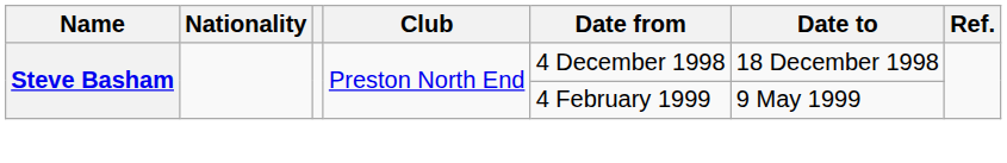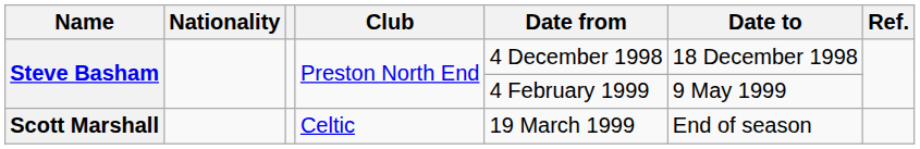 <table class="wikitable plainrowheaders">
 <tr>
 <th scope="col">Name</th>
 <th scope="col">Nationality</th>
 <th scope="col"></th>
 <th scope="col">Club</th>
 <th scope="col">Date from</th>
 <th scope="col">Date to</th>
 <th scope="col">Ref.</th>
 </tr>
 <tr>
 <th scope="row" rowspan="2"><a href='#'>Steve Basham</a></th>
 <td rowspan="2"></td>
 <td align="center" rowspan="2"></td>
 <td rowspan="2"> <a href='#'>Preston North End</a></td>
 <td>4 December 1998</td>
 <td>18 December 1998</td>
 <td align="center" rowspan="2"></td>
 </tr>
 <tr>
 <td>4 February 1999</td>
 <td>9 May 1999</td>
 </tr>
+<tr>
+<th scope="row">Scott Marshall</th>
+<td></td>
+<td align="center"></td>
+<td> <a href='#'>Celtic</a></td>
+<td>19 March 1999</td>
+<td>End of season</td>
+<td align="center"></td>
+</tr>
 </table>
